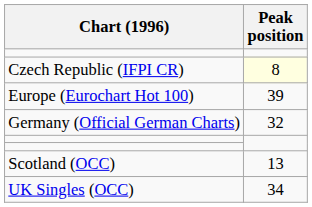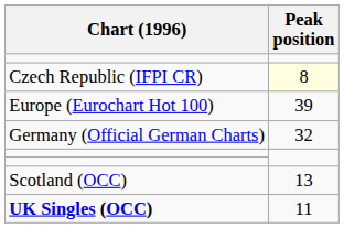 <table class="wikitable sortable">
 <tr>
 <th align="left">Chart (1996)</th>
 <th align="left">Peak<br>position</th>
 </tr>
 <tr>
 <td></td>
 </tr>
 <tr>
 <td>Czech Republic (<a href='#'>IFPI CR</a>)</td>
 <td style="background: lightyellow; text-align:center;">8</td>
 </tr>
 <tr>
 <td>Europe (<a href='#'>Eurochart Hot 100</a>)</td>
 <td style="text-align:center;">39</td>
 </tr>
 <tr>
 <td>Germany (<a href='#'>Official German Charts</a>)</td>
 <td style="text-align:center;">32</td>
 </tr>
 <tr>
 <td></td>
 </tr>
 <tr>
 <td></td>
 </tr>
 <tr>
 <td>Scotland (<a href='#'>OCC</a>)</td>
 <td style="text-align:center;">13</td>
 </tr>
 <tr>
-<td><a href='#'>UK Singles</a> (<a href='#'>OCC</a>)</td>
-<td style="text-align:center;">34</td>
+<td><strong><a href='#'>UK Singles</a> (<a href='#'>OCC</a>)</strong></td>
+<td style="text-align:center;">11</td>
 </tr>
 </table>
